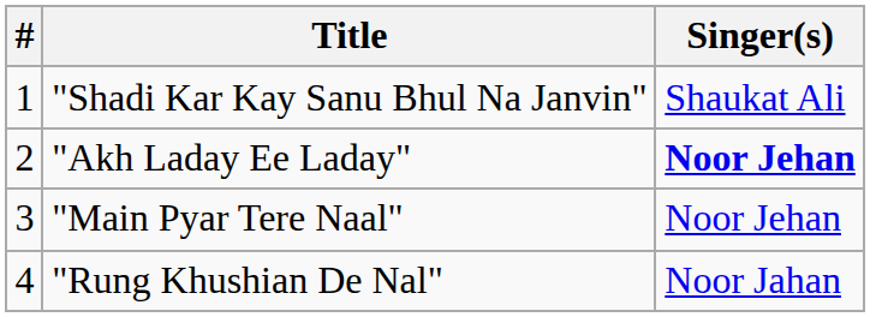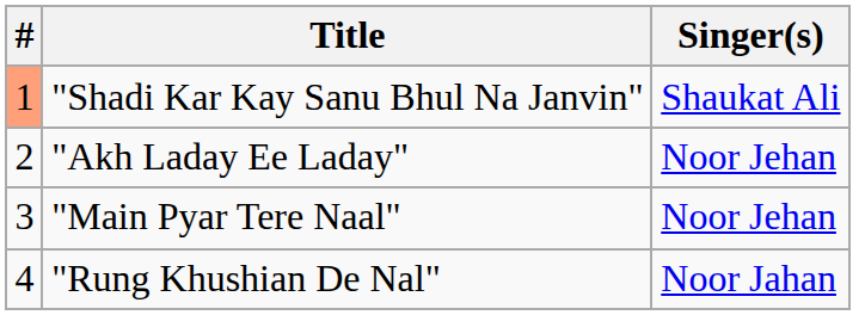 <table class="wikitable">
 <tr>
 <th>#</th>
 <th>Title</th>
 <th>Singer(s)</th>
 </tr>
 <tr>
-<td>1</td>
+<td style="background: lightsalmon;">1</td>
 <td>"Shadi Kar Kay Sanu Bhul Na Janvin"</td>
 <td><a href='#'>Shaukat Ali</a></td>
 </tr>
 <tr>
 <td>2</td>
 <td>"Akh Laday Ee Laday"</td>
-<td><strong><a href='#'>Noor Jehan</a></strong></td>
+<td><a href='#'>Noor Jehan</a></td>
 </tr>
 <tr>
 <td>3</td>
 <td>"Main Pyar Tere Naal"</td>
 <td><a href='#'>Noor Jehan</a></td>
 </tr>
 <tr>
 <td>4</td>
 <td>"Rung Khushian De Nal"</td>
 <td><a href='#'>Noor Jahan</a></td>
 </tr>
 <tr>
 </tr>
 </table>
